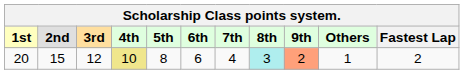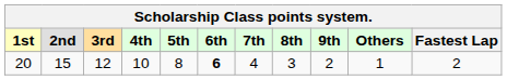 <table class="wikitable" style="font-size:95%; text-align:center">
 <tr>
 <th colspan="19">Scholarship Class points system.</th>
 </tr>
 <tr>
 <td style="background:#ffffbf;"> <strong>1st</strong> </td>
 <td style="background:#dfdfdf;"> <strong>2nd</strong> </td>
 <td style="background:#ffdf9f;"> <strong>3rd</strong> </td>
 <td style="background:#dfffdf;"> <strong>4th</strong> </td>
 <td style="background:#dfffdf;"> <strong>5th</strong> </td>
 <td style="background:#dfffdf;"> <strong>6th</strong> </td>
 <td style="background:#dfffdf;"> <strong>7th</strong> </td>
 <td style="background:#dfffdf;"> <strong>8th</strong> </td>
 <td style="background:#dfffdf;"> <strong>9th</strong> </td>
 <td style="background:#dfffdf;"> <strong>Others</strong> </td>
 <th>Fastest Lap</th>
 </tr>
 <tr>
 <td>20</td>
 <td>15</td>
 <td>12</td>
-<td style="background: khaki;">10</td>
+<td>10</td>
 <td>8</td>
-<td>6</td>
+<td><strong>6</strong></td>
 <td>4</td>
-<td style="background: paleturquoise;">3</td>
-<td style="background: lightsalmon;">2</td>
+<td>3</td>
+<td>2</td>
 <td>1</td>
 <td>2</td>
 </tr>
 </table>
